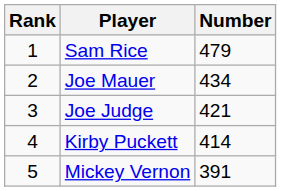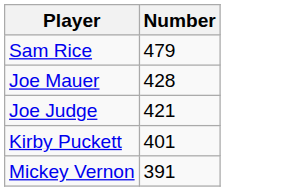 <table class="wikitable" style="font-size: 95%; text-align:left;">
 <tr>
-<th>Rank</th>
 <th>Player</th>
 <th>Number</th>
 </tr>
 <tr>
-<td align="center">1</td>
 <td><a href='#'>Sam Rice</a></td>
 <td>479</td>
 </tr>
 <tr>
-<td align="center">2</td>
 <td><a href='#'>Joe Mauer</a></td>
-<td>434</td>
+<td>428</td>
 </tr>
 <tr>
-<td align="center">3</td>
 <td><a href='#'>Joe Judge</a></td>
 <td>421</td>
 </tr>
 <tr>
-<td align="center">4</td>
 <td><a href='#'>Kirby Puckett</a></td>
-<td>414</td>
+<td>401</td>
 </tr>
 <tr>
-<td align="center">5</td>
 <td><a href='#'>Mickey Vernon </a></td>
 <td>391</td>
 </tr>
 </table>
